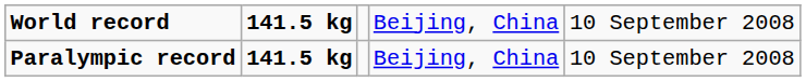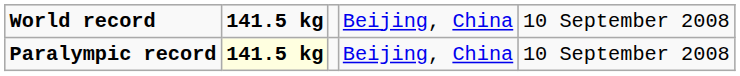 <table class="wikitable">
 <tr>
 <td><strong>World record</strong></td>
 <td><strong>141.5 kg</strong></td>
 <td></td>
 <td><a href='#'>Beijing</a>, <a href='#'>China</a></td>
 <td>10 September 2008</td>
 </tr>
 <tr>
 <td><strong>Paralympic record</strong></td>
-<td><strong>141.5 kg</strong></td>
+<td style="background: lightyellow;"><strong>141.5 kg</strong></td>
 <td></td>
 <td><a href='#'>Beijing</a>, <a href='#'>China</a></td>
 <td>10 September 2008</td>
 </tr>
 </table>
